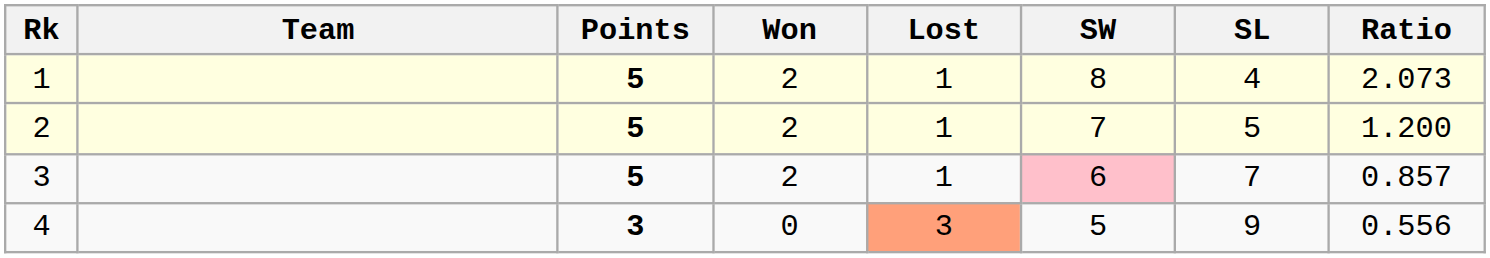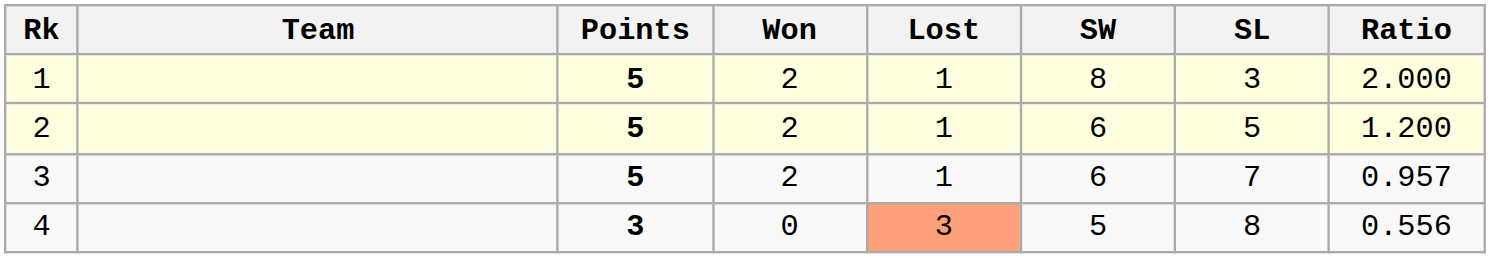 <table class=wikitable style="text-align:center">
 <tr bgcolor="#DCDCDC">
 <th width="25">Rk</th>
 <th width="200">Team</th>
 <th width="60">Points</th>
 <th width="60">Won</th>
 <th width="60">Lost</th>
 <th width="60">SW</th>
 <th width="60">SL</th>
 <th width="60">Ratio</th>
 </tr>
 <tr bgcolor=lightyellow>
 <td>1</td>
 <td align=left></td>
 <td><strong>5</strong></td>
 <td>2</td>
 <td>1</td>
 <td>8</td>
-<td>4</td>
-<td>2.073</td>
+<td>3</td>
+<td>2.000</td>
 </tr>
 <tr bgcolor=lightyellow>
 <td>2</td>
 <td align=left></td>
 <td><strong>5</strong></td>
 <td>2</td>
 <td>1</td>
-<td>7</td>
+<td>6</td>
 <td>5</td>
 <td>1.200</td>
 </tr>
 <tr>
 <td>3</td>
 <td align=left></td>
 <td><strong>5</strong></td>
 <td>2</td>
 <td>1</td>
-<td style="background: pink;">6</td>
+<td>6</td>
 <td>7</td>
-<td>0.857</td>
+<td>0.957</td>
 </tr>
 <tr>
 <td>4</td>
 <td align=left></td>
 <td><strong>3</strong></td>
 <td>0</td>
 <td style="background: lightsalmon;">3</td>
 <td>5</td>
-<td>9</td>
+<td>8</td>
 <td>0.556</td>
 </tr>
 </table>
